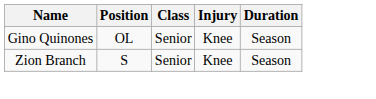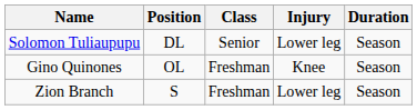 <table class="wikitable">
 <tr>
 <th style="text-align:center; ">Name</th>
 <th style="text-align:center; ">Position</th>
 <th style="text-align:center; ">Class</th>
 <th style="text-align:center; ">Injury</th>
 <th style="text-align:center; ">Duration</th>
 </tr>
 <tr align="center">
+<td><a href='#'>Solomon Tuliaupupu</a></td>
+<td>DL</td>
+<td> Senior</td>
+<td>Lower leg</td>
+<td>Season</td>
+</tr>
+<tr align="center">
 <td>Gino Quinones</td>
 <td>OL</td>
-<td> Senior</td>
+<td> Freshman</td>
 <td>Knee</td>
 <td>Season</td>
 </tr>
 <tr align="center">
 <td>Zion Branch</td>
 <td>S</td>
-<td> Senior</td>
-<td>Knee</td>
+<td> Freshman</td>
+<td>Lower leg</td>
 <td>Season</td>
 </tr>
 </table>
